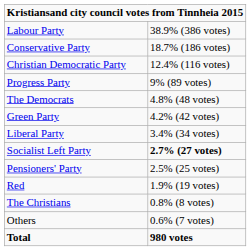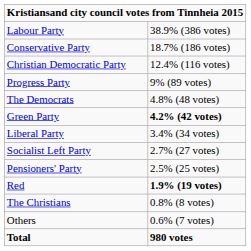 <table class="wikitable" style="center;">
 <tr>
 <td colspan="2"><strong>Kristiansand city council votes from Tinnheia 2015</strong></td>
 </tr>
 <tr>
 <td><a href='#'>Labour Party</a></td>
 <td>38.9% (386 votes)</td>
 </tr>
 <tr>
 <td><a href='#'>Conservative Party</a></td>
 <td>18.7% (186 votes)</td>
 </tr>
 <tr>
 <td><a href='#'>Christian Democratic Party</a></td>
 <td>12.4% (116 votes)</td>
 </tr>
 <tr>
 <td><a href='#'>Progress Party</a></td>
 <td>9% (89 votes)</td>
 </tr>
 <tr>
 <td><a href='#'>The Democrats</a></td>
 <td>4.8% (48 votes)</td>
 </tr>
 <tr>
 <td><a href='#'>Green Party</a></td>
-<td>4.2% (42 votes)</td>
+<td><strong>4.2% (42 votes)</strong></td>
 </tr>
 <tr>
 <td><a href='#'>Liberal Party</a></td>
 <td>3.4% (34 votes)</td>
 </tr>
 <tr>
 <td><a href='#'>Socialist Left Party</a></td>
-<td><strong>2.7% (27 votes)</strong></td>
+<td>2.7% (27 votes)</td>
 </tr>
 <tr>
 <td><a href='#'>Pensioners' Party</a></td>
 <td>2.5% (25 votes)</td>
 </tr>
 <tr>
 <td><a href='#'>Red</a></td>
-<td>1.9% (19 votes)</td>
+<td><strong>1.9% (19 votes)</strong></td>
 </tr>
 <tr>
 <td><a href='#'>The Christians</a></td>
 <td>0.8% (8 votes)</td>
 </tr>
 <tr>
 <td>Others</td>
 <td>0.6% (7 votes)</td>
 </tr>
 <tr>
 <td><strong>Total</strong></td>
 <td><strong> 980 votes</strong></td>
 </tr>
 </table>
